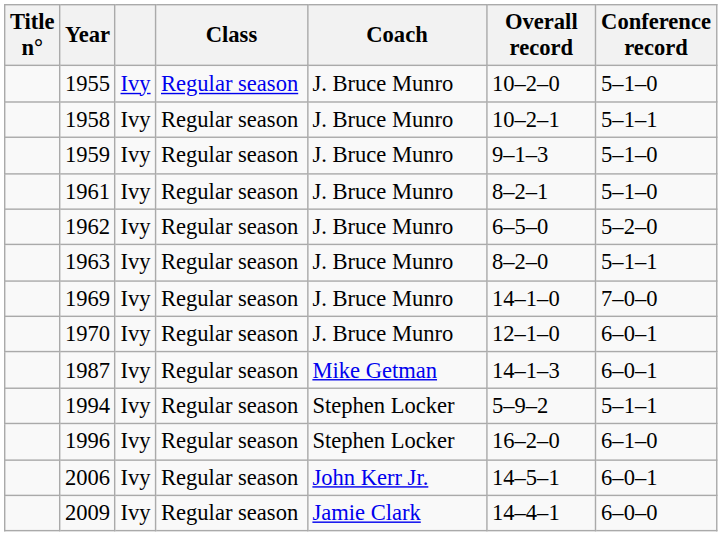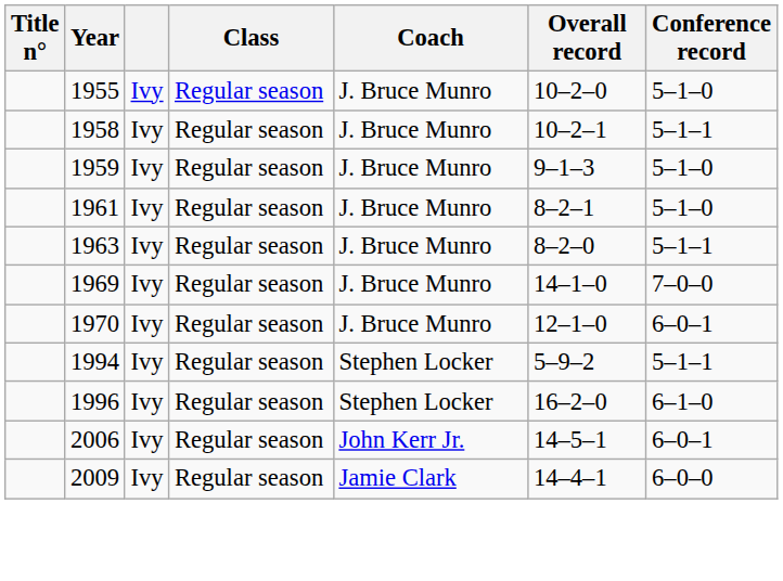 <table class="wikitable sortable" style= "text-align: ;">
 <tr>
 <th width=px>Title<br> n°</th>
 <th width=px>Year</th>
 <th width=px></th>
 <th width=100px>Class</th>
 <th width=120px>Coach</th>
 <th width=70px>Overall<br>record</th>
 <th width=70px>Conference<br>record</th>
 </tr>
 <tr>
 <td></td>
 <td>1955</td>
 <td><a href='#'>Ivy</a></td>
 <td><a href='#'>Regular season</a></td>
 <td>J. Bruce Munro</td>
 <td>10–2–0</td>
 <td>5–1–0</td>
 </tr>
 <tr>
 <td></td>
 <td>1958</td>
 <td>Ivy</td>
 <td>Regular season</td>
 <td>J. Bruce Munro</td>
 <td>10–2–1</td>
 <td>5–1–1</td>
 </tr>
 <tr>
 <td></td>
 <td>1959</td>
 <td>Ivy</td>
 <td>Regular season</td>
 <td>J. Bruce Munro</td>
 <td>9–1–3</td>
 <td>5–1–0</td>
 </tr>
 <tr>
 <td></td>
 <td>1961</td>
 <td>Ivy</td>
 <td>Regular season</td>
 <td>J. Bruce Munro</td>
 <td>8–2–1</td>
 <td>5–1–0</td>
 </tr>
 <tr>
 <td></td>
-<td>1962</td>
-<td>Ivy</td>
-<td>Regular season</td>
-<td>J. Bruce Munro</td>
-<td>6–5–0</td>
-<td>5–2–0</td>
-</tr>
-<tr>
-<td></td>
 <td>1963</td>
 <td>Ivy</td>
 <td>Regular season</td>
 <td>J. Bruce Munro</td>
 <td>8–2–0</td>
 <td>5–1–1</td>
 </tr>
 <tr>
 <td></td>
 <td>1969</td>
 <td>Ivy</td>
 <td>Regular season</td>
 <td>J. Bruce Munro</td>
 <td>14–1–0</td>
 <td>7–0–0</td>
 </tr>
 <tr>
 <td></td>
 <td>1970</td>
 <td>Ivy</td>
 <td>Regular season</td>
 <td>J. Bruce Munro</td>
 <td>12–1–0</td>
-<td>6–0–1</td>
-</tr>
-<tr>
-<td></td>
-<td>1987</td>
-<td>Ivy</td>
-<td>Regular season</td>
-<td><a href='#'>Mike Getman</a></td>
-<td>14–1–3</td>
 <td>6–0–1</td>
 </tr>
 <tr>
 <td></td>
 <td>1994</td>
 <td>Ivy</td>
 <td>Regular season</td>
 <td>Stephen Locker</td>
 <td>5–9–2</td>
 <td>5–1–1</td>
 </tr>
 <tr>
 <td></td>
 <td>1996</td>
 <td>Ivy</td>
 <td>Regular season</td>
 <td>Stephen Locker</td>
 <td>16–2–0</td>
 <td>6–1–0</td>
 </tr>
 <tr>
 <td></td>
 <td>2006</td>
 <td>Ivy</td>
 <td>Regular season</td>
 <td><a href='#'>John Kerr Jr.</a></td>
 <td>14–5–1</td>
 <td>6–0–1</td>
 </tr>
 <tr>
 <td></td>
 <td>2009</td>
 <td>Ivy</td>
 <td>Regular season</td>
 <td><a href='#'>Jamie Clark</a></td>
 <td>14–4–1</td>
 <td>6–0–0</td>
 </tr>
 </table>
